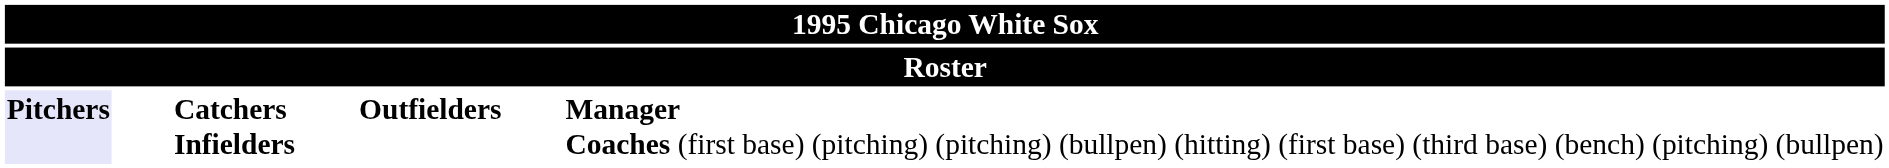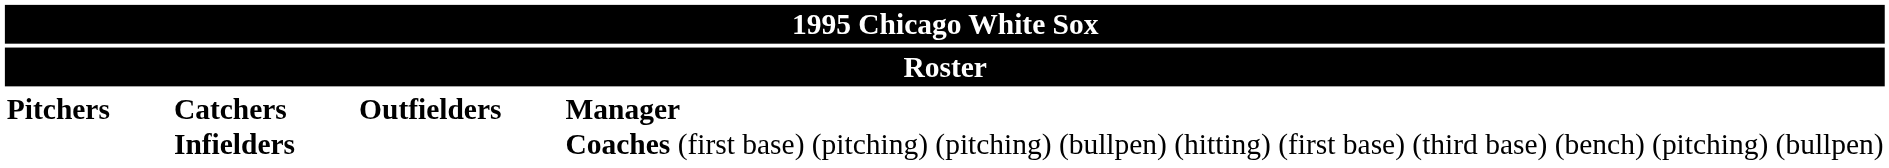 <table class="toccolours" style="font-size: 95%;">
 <tr>
 <th colspan="10" style="background-color: black; color: #FFFFFF; text-align: center;">1995 Chicago White Sox</th>
 </tr>
 <tr>
 <td colspan="10" style="background-color:black; color: white; text-align: center;"><strong>Roster</strong></td>
 </tr>
 <tr>
-<td valign="top" style="background: lavender;"><strong>Pitchers</strong><br>                        </td>
+<td valign="top"><strong>Pitchers</strong><br>                        </td>
 <td width="25px"></td>
 <td valign="top"><strong>Catchers</strong><br>    <strong>Infielders</strong>          </td>
 <td width="25px"></td>
 <td valign="top"><strong>Outfielders</strong><br>      </td>
 <td width="25px"></td>
 <td valign="top"><strong>Manager</strong><br>  <strong>Coaches</strong> (first base) (pitching)  (pitching)  (bullpen) (hitting)  (first base) (third base) (bench)  (pitching)  (bullpen)</td>
 </tr>
 </table>
